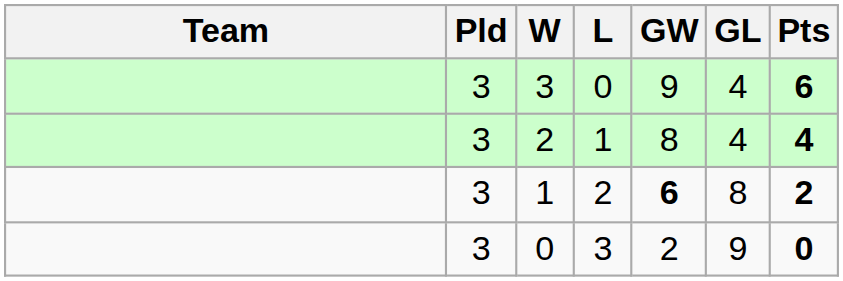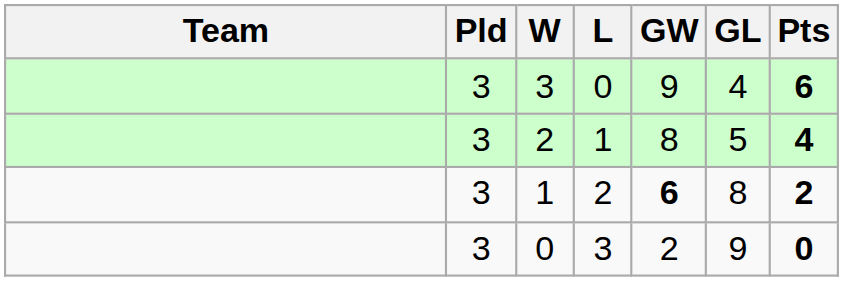 <table class="wikitable" style="text-align:center">
 <tr>
 <th width=200>Team</th>
 <th width=20>Pld</th>
 <th width=20>W</th>
 <th width=20>L</th>
 <th width=20>GW</th>
 <th width=20>GL</th>
 <th width=20>Pts</th>
 </tr>
 <tr bgcolor=#ccffcc>
 <td style="text-align:left;"></td>
 <td>3</td>
 <td>3</td>
 <td>0</td>
 <td>9</td>
 <td>4</td>
 <td><strong>6</strong></td>
 </tr>
 <tr bgcolor=#ccffcc>
 <td style="text-align:left;"></td>
 <td>3</td>
 <td>2</td>
 <td>1</td>
 <td>8</td>
-<td>4</td>
+<td>5</td>
 <td><strong>4</strong></td>
 </tr>
 <tr>
 <td style="text-align:left;"></td>
 <td>3</td>
 <td>1</td>
 <td>2</td>
 <td><strong>6</strong></td>
 <td>8</td>
 <td><strong>2</strong></td>
 </tr>
 <tr>
 <td style="text-align:left;"></td>
 <td>3</td>
 <td>0</td>
 <td>3</td>
 <td>2</td>
 <td>9</td>
 <td><strong>0</strong></td>
 </tr>
 </table>
